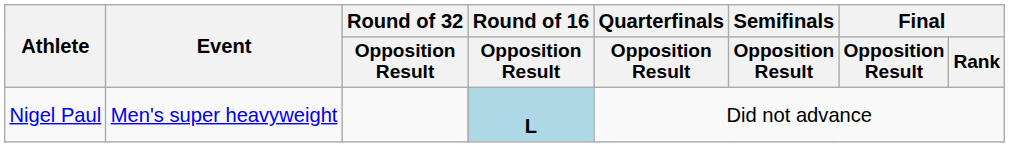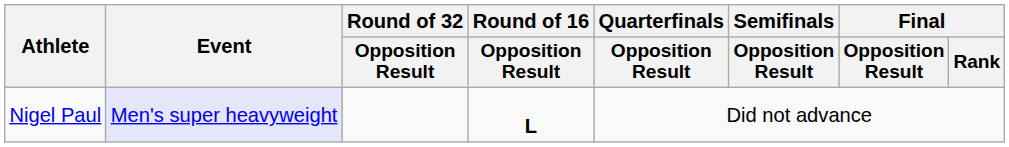 <table class="wikitable" style="font-size:90%">
 <tr>
 <th rowspan="2">Athlete</th>
 <th rowspan="2">Event</th>
 <th>Round of 32</th>
 <th>Round of 16</th>
 <th>Quarterfinals</th>
 <th>Semifinals</th>
 <th colspan=2>Final</th>
 </tr>
 <tr style="font-size:95%">
 <th>Opposition<br>Result</th>
 <th>Opposition<br>Result</th>
 <th>Opposition<br>Result</th>
 <th>Opposition<br>Result</th>
 <th>Opposition<br>Result</th>
 <th>Rank</th>
 </tr>
 <tr align=center>
 <td align=left><a href='#'>Nigel Paul</a></td>
-<td align=left><a href='#'>Men's super heavyweight</a></td>
+<td align=left style="background: lavender;"><a href='#'>Men's super heavyweight</a></td>
 <td></td>
-<td style="background: lightblue;"><br><strong>L</strong> </td>
+<td><br><strong>L</strong> </td>
 <td colspan=4>Did not advance</td>
 </tr>
 </table>
